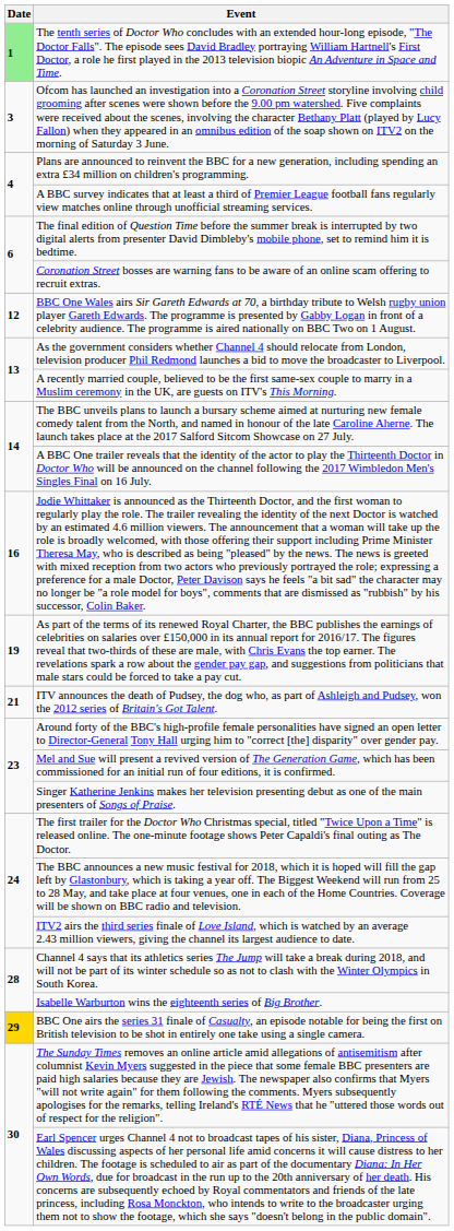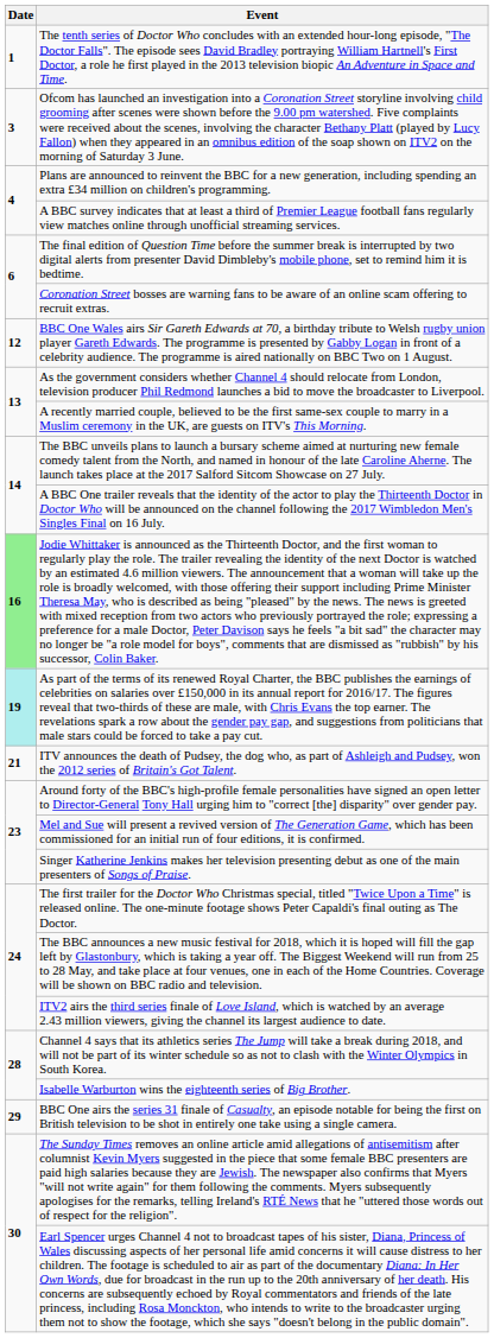 <table class="wikitable">
 <tr>
 <th>Date</th>
 <th>Event</th>
 </tr>
 <tr>
-<td style="background: lightgreen;"><strong>1</strong></td>
+<td><strong>1</strong></td>
 <td>The <a href='#'>tenth series</a> of <em>Doctor Who</em> concludes with an extended hour-long episode, "<a href='#'>The Doctor Falls</a>". The episode sees <a href='#'>David Bradley</a> portraying <a href='#'>William Hartnell</a>'s <a href='#'>First Doctor</a>, a role he first played in the 2013 television biopic <em><a href='#'>An Adventure in Space and Time</a></em>.</td>
 </tr>
 <tr>
 <td><strong>3</strong></td>
 <td>Ofcom has launched an investigation into a <em><a href='#'>Coronation Street</a></em> storyline involving <a href='#'>child grooming</a> after scenes were shown before the <a href='#'>9.00 pm watershed</a>. Five complaints were received about the scenes, involving the character <a href='#'>Bethany Platt</a> (played by <a href='#'>Lucy Fallon</a>) when they appeared in an <a href='#'>omnibus edition</a> of the soap shown on <a href='#'>ITV2</a> on the morning of Saturday 3 June.</td>
 </tr>
 <tr>
 <td rowspan=2><strong>4</strong></td>
 <td>Plans are announced to reinvent the BBC for a new generation, including spending an extra £34 million on children's programming.</td>
 </tr>
 <tr>
 <td>A BBC survey indicates that at least a third of <a href='#'>Premier League</a> football fans regularly view matches online through unofficial streaming services.</td>
 </tr>
 <tr>
 <td rowspan=2><strong>6</strong></td>
 <td>The final edition of <em>Question Time</em> before the summer break is interrupted by two digital alerts from presenter David Dimbleby's <a href='#'>mobile phone</a>, set to remind him it is bedtime.</td>
 </tr>
 <tr>
 <td><em><a href='#'>Coronation Street</a></em> bosses are warning fans to be aware of an online scam offering to recruit extras.</td>
 </tr>
 <tr>
 <td><strong>12</strong></td>
 <td><a href='#'>BBC One Wales</a> airs <em>Sir Gareth Edwards at 70</em>, a birthday tribute to Welsh <a href='#'>rugby union</a> player <a href='#'>Gareth Edwards</a>. The programme is presented by <a href='#'>Gabby Logan</a> in front of a celebrity audience. The programme is aired nationally on BBC Two on 1 August.</td>
 </tr>
 <tr>
 <td rowspan=2><strong>13</strong></td>
 <td>As the government considers whether <a href='#'>Channel 4</a> should relocate from London, television producer <a href='#'>Phil Redmond</a> launches a bid to move the broadcaster to Liverpool.</td>
 </tr>
 <tr>
 <td>A recently married couple, believed to be the first same-sex couple to marry in a <a href='#'>Muslim ceremony</a> in the UK, are guests on ITV's <em><a href='#'>This Morning</a></em>.</td>
 </tr>
 <tr>
 <td rowspan=2><strong>14</strong></td>
 <td>The BBC unveils plans to launch a bursary scheme aimed at nurturing new female comedy talent from the North, and named in honour of the late <a href='#'>Caroline Aherne</a>. The launch takes place at the 2017 Salford Sitcom Showcase on 27 July.</td>
 </tr>
 <tr>
 <td>A BBC One trailer reveals that the identity of the actor to play the <a href='#'>Thirteenth Doctor</a> in <em><a href='#'>Doctor Who</a></em> will be announced on the channel following the <a href='#'>2017 Wimbledon Men's Singles Final</a> on 16 July.</td>
 </tr>
 <tr>
-<td><strong>16</strong></td>
+<td style="background: lightgreen;"><strong>16</strong></td>
 <td><a href='#'>Jodie Whittaker</a> is announced as the Thirteenth Doctor, and the first woman to regularly play the role. The trailer revealing the identity of the next Doctor is watched by an estimated 4.6 million viewers. The announcement that a woman will take up the role is broadly welcomed, with those offering their support including Prime Minister <a href='#'>Theresa May</a>, who is described as being "pleased" by the news. The news is greeted with mixed reception from two actors who previously portrayed the role; expressing a preference for a male Doctor, <a href='#'>Peter Davison</a> says he feels "a bit sad" the character may no longer be "a role model for boys", comments that are dismissed as "rubbish" by his successor, <a href='#'>Colin Baker</a>.</td>
 </tr>
 <tr>
-<td><strong>19</strong></td>
+<td style="background: paleturquoise;"><strong>19</strong></td>
 <td>As part of the terms of its renewed Royal Charter, the BBC publishes the earnings of celebrities on salaries over £150,000 in its annual report for 2016/17. The figures reveal that two-thirds of these are male, with <a href='#'>Chris Evans</a> the top earner. The revelations spark a row about the <a href='#'>gender pay gap</a>, and suggestions from politicians that male stars could be forced to take a pay cut.</td>
 </tr>
 <tr>
 <td><strong>21</strong></td>
 <td>ITV announces the death of Pudsey, the dog who, as part of <a href='#'>Ashleigh and Pudsey</a>, won the <a href='#'>2012 series</a> of <em><a href='#'>Britain's Got Talent</a></em>.</td>
 </tr>
 <tr>
 <td rowspan=3><strong>23</strong></td>
 <td>Around forty of the BBC's high-profile female personalities have signed an open letter to <a href='#'>Director-General</a> <a href='#'>Tony Hall</a> urging him to "correct [the] disparity" over gender pay.</td>
 </tr>
 <tr>
 <td><a href='#'>Mel and Sue</a> will present a revived version of <em><a href='#'>The Generation Game</a></em>, which has been commissioned for an initial run of four editions, it is confirmed.</td>
 </tr>
 <tr>
 <td>Singer <a href='#'>Katherine Jenkins</a> makes her television presenting debut as one of the main presenters of <em><a href='#'>Songs of Praise</a></em>.</td>
 </tr>
 <tr>
 <td rowspan=3><strong>24</strong></td>
 <td>The first trailer for the <em>Doctor Who</em> Christmas special, titled "<a href='#'>Twice Upon a Time</a>" is released online. The one-minute footage shows Peter Capaldi's final outing as The Doctor.</td>
 </tr>
 <tr>
 <td>The BBC announces a new music festival for 2018, which it is hoped will fill the gap left by <a href='#'>Glastonbury</a>, which is taking a year off. The Biggest Weekend will run from 25 to 28 May, and take place at four venues, one in each of the Home Countries. Coverage will be shown on BBC radio and television.</td>
 </tr>
 <tr>
 <td><a href='#'>ITV2</a> airs the <a href='#'>third series</a> finale of <em><a href='#'>Love Island</a></em>, which is watched by an average 2.43 million viewers, giving the channel its largest audience to date.</td>
 </tr>
 <tr>
 <td rowspan=2><strong>28</strong></td>
 <td>Channel 4 says that its athletics series <em><a href='#'>The Jump</a></em> will take a break during 2018, and will not be part of its winter schedule so as not to clash with the <a href='#'>Winter Olympics</a> in South Korea.</td>
 </tr>
 <tr>
 <td><a href='#'>Isabelle Warburton</a> wins the <a href='#'>eighteenth series</a> of <em><a href='#'>Big Brother</a></em>.</td>
 </tr>
 <tr>
-<td style="background: gold;"><strong>29</strong></td>
+<td><strong>29</strong></td>
 <td>BBC One airs the <a href='#'>series 31</a> finale of <em><a href='#'>Casualty</a></em>, an episode notable for being the first on British television to be shot in entirely one take using a single camera.</td>
 </tr>
 <tr>
 <td rowspan=2><strong>30</strong></td>
 <td><em><a href='#'>The Sunday Times</a></em> removes an online article amid allegations of <a href='#'>antisemitism</a> after columnist <a href='#'>Kevin Myers</a> suggested in the piece that some female BBC presenters are paid high salaries because they are <a href='#'>Jewish</a>. The newspaper also confirms that Myers "will not write again" for them following the comments. Myers subsequently apologises for the remarks, telling Ireland's <a href='#'>RTÉ News</a> that he "uttered those words out of respect for the religion".</td>
 </tr>
 <tr>
 <td><a href='#'>Earl Spencer</a> urges Channel 4 not to broadcast tapes of his sister, <a href='#'>Diana, Princess of Wales</a> discussing aspects of her personal life amid concerns it will cause distress to her children. The footage is scheduled to air as part of the documentary <em><a href='#'>Diana: In Her Own Words</a></em>, due for broadcast in the run up to the 20th anniversary of <a href='#'>her death</a>. His concerns are subsequently echoed by Royal commentators and friends of the late princess, including <a href='#'>Rosa Monckton</a>, who intends to write to the broadcaster urging them not to show the footage, which she says "doesn't belong in the public domain".</td>
 </tr>
 </table>
